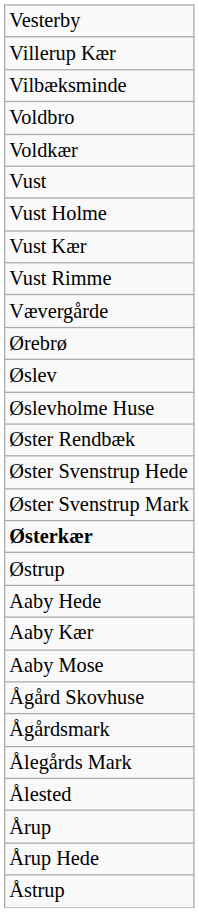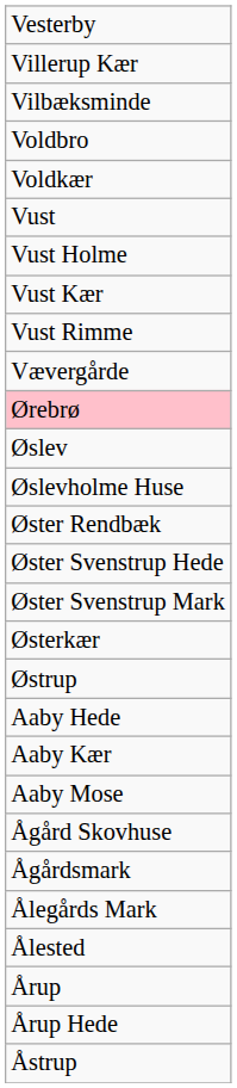 <table class="wikitable" style="float:left; margin-right:1em">
 <tr>
 <td>Vesterby</td>
 </tr>
 <tr>
 <td>Villerup Kær</td>
 </tr>
 <tr>
 <td>Vilbæksminde</td>
 </tr>
 <tr>
 <td>Voldbro</td>
 </tr>
 <tr>
 <td>Voldkær</td>
 </tr>
 <tr>
 <td>Vust</td>
 </tr>
 <tr>
 <td>Vust Holme</td>
 </tr>
 <tr>
 <td>Vust Kær</td>
 </tr>
 <tr>
 <td>Vust Rimme</td>
 </tr>
 <tr>
 <td>Vævergårde</td>
 </tr>
 <tr>
-<td>Ørebrø</td>
+<td style="background: pink;">Ørebrø</td>
 </tr>
 <tr>
 <td>Øslev</td>
 </tr>
 <tr>
 <td>Øslevholme Huse</td>
 </tr>
 <tr>
 <td>Øster Rendbæk</td>
 </tr>
 <tr>
 <td>Øster Svenstrup Hede</td>
 </tr>
 <tr>
 <td>Øster Svenstrup Mark</td>
 </tr>
 <tr>
-<td><strong>Østerkær</strong></td>
+<td>Østerkær</td>
 </tr>
 <tr>
 <td>Østrup</td>
 </tr>
 <tr>
 <td>Aaby Hede</td>
 </tr>
 <tr>
 <td>Aaby Kær</td>
 </tr>
 <tr>
 <td>Aaby Mose</td>
 </tr>
 <tr>
 <td>Ågård Skovhuse</td>
 </tr>
 <tr>
 <td>Ågårdsmark</td>
 </tr>
 <tr>
 <td>Ålegårds Mark</td>
 </tr>
 <tr>
 <td>Ålested</td>
 </tr>
 <tr>
 <td>Årup</td>
 </tr>
 <tr>
 <td>Årup Hede</td>
 </tr>
 <tr>
 <td>Åstrup</td>
 </tr>
 </table>
